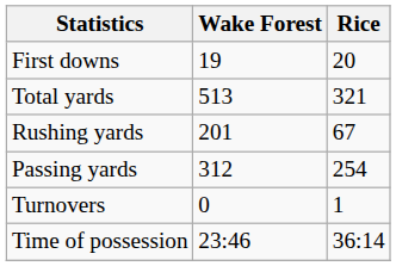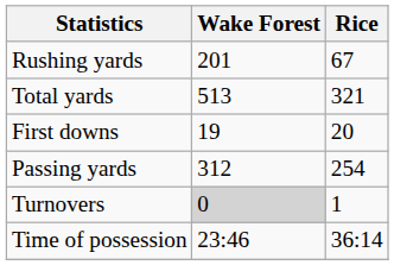 <table class="wikitable" style="float: right;">
 <tr>
 <th>Statistics</th>
 <th>Wake Forest</th>
 <th>Rice</th>
 </tr>
 <tr>
-<td>First downs</td>
-<td>19</td>
-<td>20</td>
+<td>Rushing yards</td>
+<td>201</td>
+<td>67</td>
 </tr>
 <tr>
 <td>Total yards</td>
 <td>513</td>
 <td>321</td>
 </tr>
 <tr>
-<td>Rushing yards</td>
-<td>201</td>
-<td>67</td>
+<td>First downs</td>
+<td>19</td>
+<td>20</td>
 </tr>
 <tr>
 <td>Passing yards</td>
 <td>312</td>
 <td>254</td>
 </tr>
 <tr>
 <td>Turnovers</td>
-<td>0</td>
+<td style="background: lightgrey;">0</td>
 <td>1</td>
 </tr>
 <tr>
 <td>Time of possession</td>
 <td>23:46</td>
 <td>36:14</td>
 </tr>
 <tr>
 </tr>
 </table>
